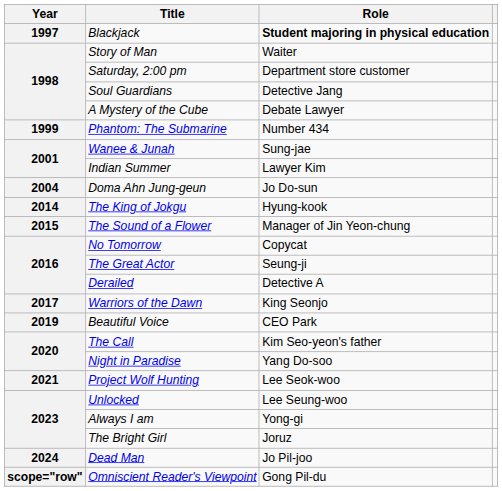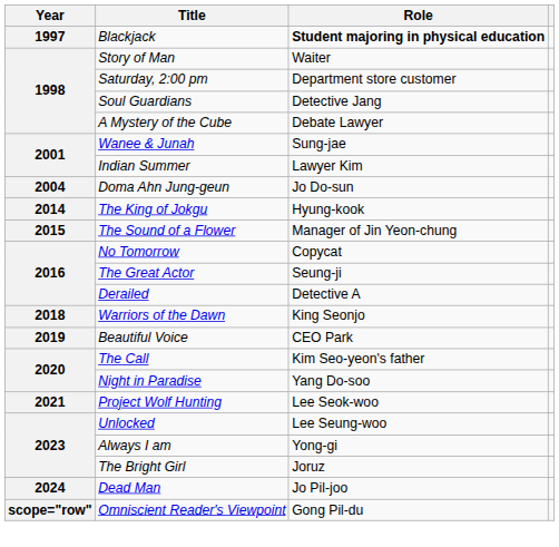 <table class="wikitable plainrowheaders sortable">
 <tr>
 <th scope="col">Year</th>
 <th scope="col">Title</th>
 <th scope="col">Role</th>
 <th scope="col" class="unsortable"></th>
 </tr>
 <tr>
 <th scope="row">1997</th>
 <td><em>Blackjack</em></td>
 <td><strong>Student majoring in physical education</strong></td>
 <td style="text-align:center"></td>
 </tr>
 <tr>
 <th rowspan="4" scope="row">1998</th>
 <td><em>Story of Man</em></td>
 <td>Waiter</td>
 <td style="text-align:center"></td>
 </tr>
 <tr>
 <td><em>Saturday, 2:00 pm</em></td>
 <td>Department store customer</td>
 <td style="text-align:center"></td>
 </tr>
 <tr>
 <td><em>Soul Guardians</em></td>
 <td>Detective Jang</td>
 <td style="text-align:center"></td>
 </tr>
 <tr>
 <td><em>A Mystery of the Cube</em></td>
 <td>Debate Lawyer</td>
-<td style="text-align:center"></td>
-</tr>
-<tr>
-<th scope="row">1999</th>
-<td><em><a href='#'>Phantom: The Submarine</a></em></td>
-<td>Number 434</td>
 <td style="text-align:center"></td>
 </tr>
 <tr>
 <th rowspan="2" scope="row">2001</th>
 <td><em><a href='#'>Wanee & Junah</a></em></td>
 <td>Sung-jae</td>
 <td style="text-align:center"></td>
 </tr>
 <tr>
 <td><em>Indian Summer</em></td>
 <td>Lawyer Kim</td>
 <td style="text-align:center"></td>
 </tr>
 <tr>
 <th scope="row">2004</th>
 <td><em>Doma Ahn Jung-geun</em></td>
 <td>Jo Do-sun</td>
 <td style="text-align:center"></td>
 </tr>
 <tr>
 <th scope="row">2014</th>
 <td><em><a href='#'>The King of Jokgu</a></em></td>
 <td>Hyung-kook</td>
 <td style="text-align:center"></td>
 </tr>
 <tr>
 <th scope="row">2015</th>
 <td><em><a href='#'>The Sound of a Flower</a></em></td>
 <td>Manager of Jin Yeon-chung</td>
 <td style="text-align:center"></td>
 </tr>
 <tr>
 <th rowspan="3" scope="row">2016</th>
 <td><em><a href='#'>No Tomorrow</a></em></td>
 <td>Copycat</td>
 <td style="text-align:center"></td>
 </tr>
 <tr>
 <td><em><a href='#'>The Great Actor</a></em></td>
 <td>Seung-ji</td>
 <td style="text-align:center"></td>
 </tr>
 <tr>
 <td><em><a href='#'>Derailed</a></em></td>
 <td>Detective A</td>
 <td style="text-align:center"></td>
 </tr>
 <tr>
-<th scope="row">2017</th>
+<th scope="row">2018</th>
 <td><em><a href='#'>Warriors of the Dawn</a></em></td>
 <td>King Seonjo</td>
 <td style="text-align:center"></td>
 </tr>
 <tr>
 <th scope="row">2019</th>
 <td><em>Beautiful Voice</em></td>
 <td>CEO Park</td>
 <td style="text-align:center"></td>
 </tr>
 <tr>
 <th rowspan="2" scope="row">2020</th>
 <td><em><a href='#'>The Call</a></em></td>
 <td>Kim Seo-yeon's father</td>
 <td style="text-align:center"></td>
 </tr>
 <tr>
 <td><em><a href='#'>Night in Paradise</a></em></td>
 <td>Yang Do-soo</td>
 <td style="text-align:center"></td>
 </tr>
 <tr>
 <th scope="row">2021</th>
 <td><em><a href='#'>Project Wolf Hunting</a></em></td>
 <td>Lee Seok-woo</td>
 <td style="text-align:center"></td>
 </tr>
 <tr>
 <th rowspan="3" scope="row">2023</th>
 <td><em><a href='#'>Unlocked</a></em></td>
 <td>Lee Seung-woo</td>
 <td style="text-align:center"></td>
 </tr>
 <tr>
 <td><em>Always I am</em></td>
 <td>Yong-gi</td>
 <td style="text-align:center"></td>
 </tr>
 <tr>
 <td><em>The Bright Girl</em></td>
 <td>Joruz</td>
 <td style="text-align:center"></td>
 </tr>
 <tr>
 <th scope="row">2024</th>
 <td><em><a href='#'>Dead Man</a></em></td>
 <td>Jo Pil-joo</td>
 <td></td>
 </tr>
 <tr>
 <th>scope="row" </th>
 <td><em><a href='#'>Omniscient Reader's Viewpoint</a></em></td>
 <td>Gong Pil-du</td>
 <td style="text-align:center"></td>
 </tr>
 </table>
